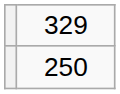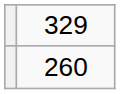 <table class="wikitable">
 <tr>
 <th></th>
 <td style="padding-left: 1em; padding-right: 1em">329</td>
 </tr>
 <tr>
 <th></th>
-<td style="padding-left: 1em; padding-right: 1em">250</td>
+<td style="padding-left: 1em; padding-right: 1em">260</td>
 </tr>
 </table>
